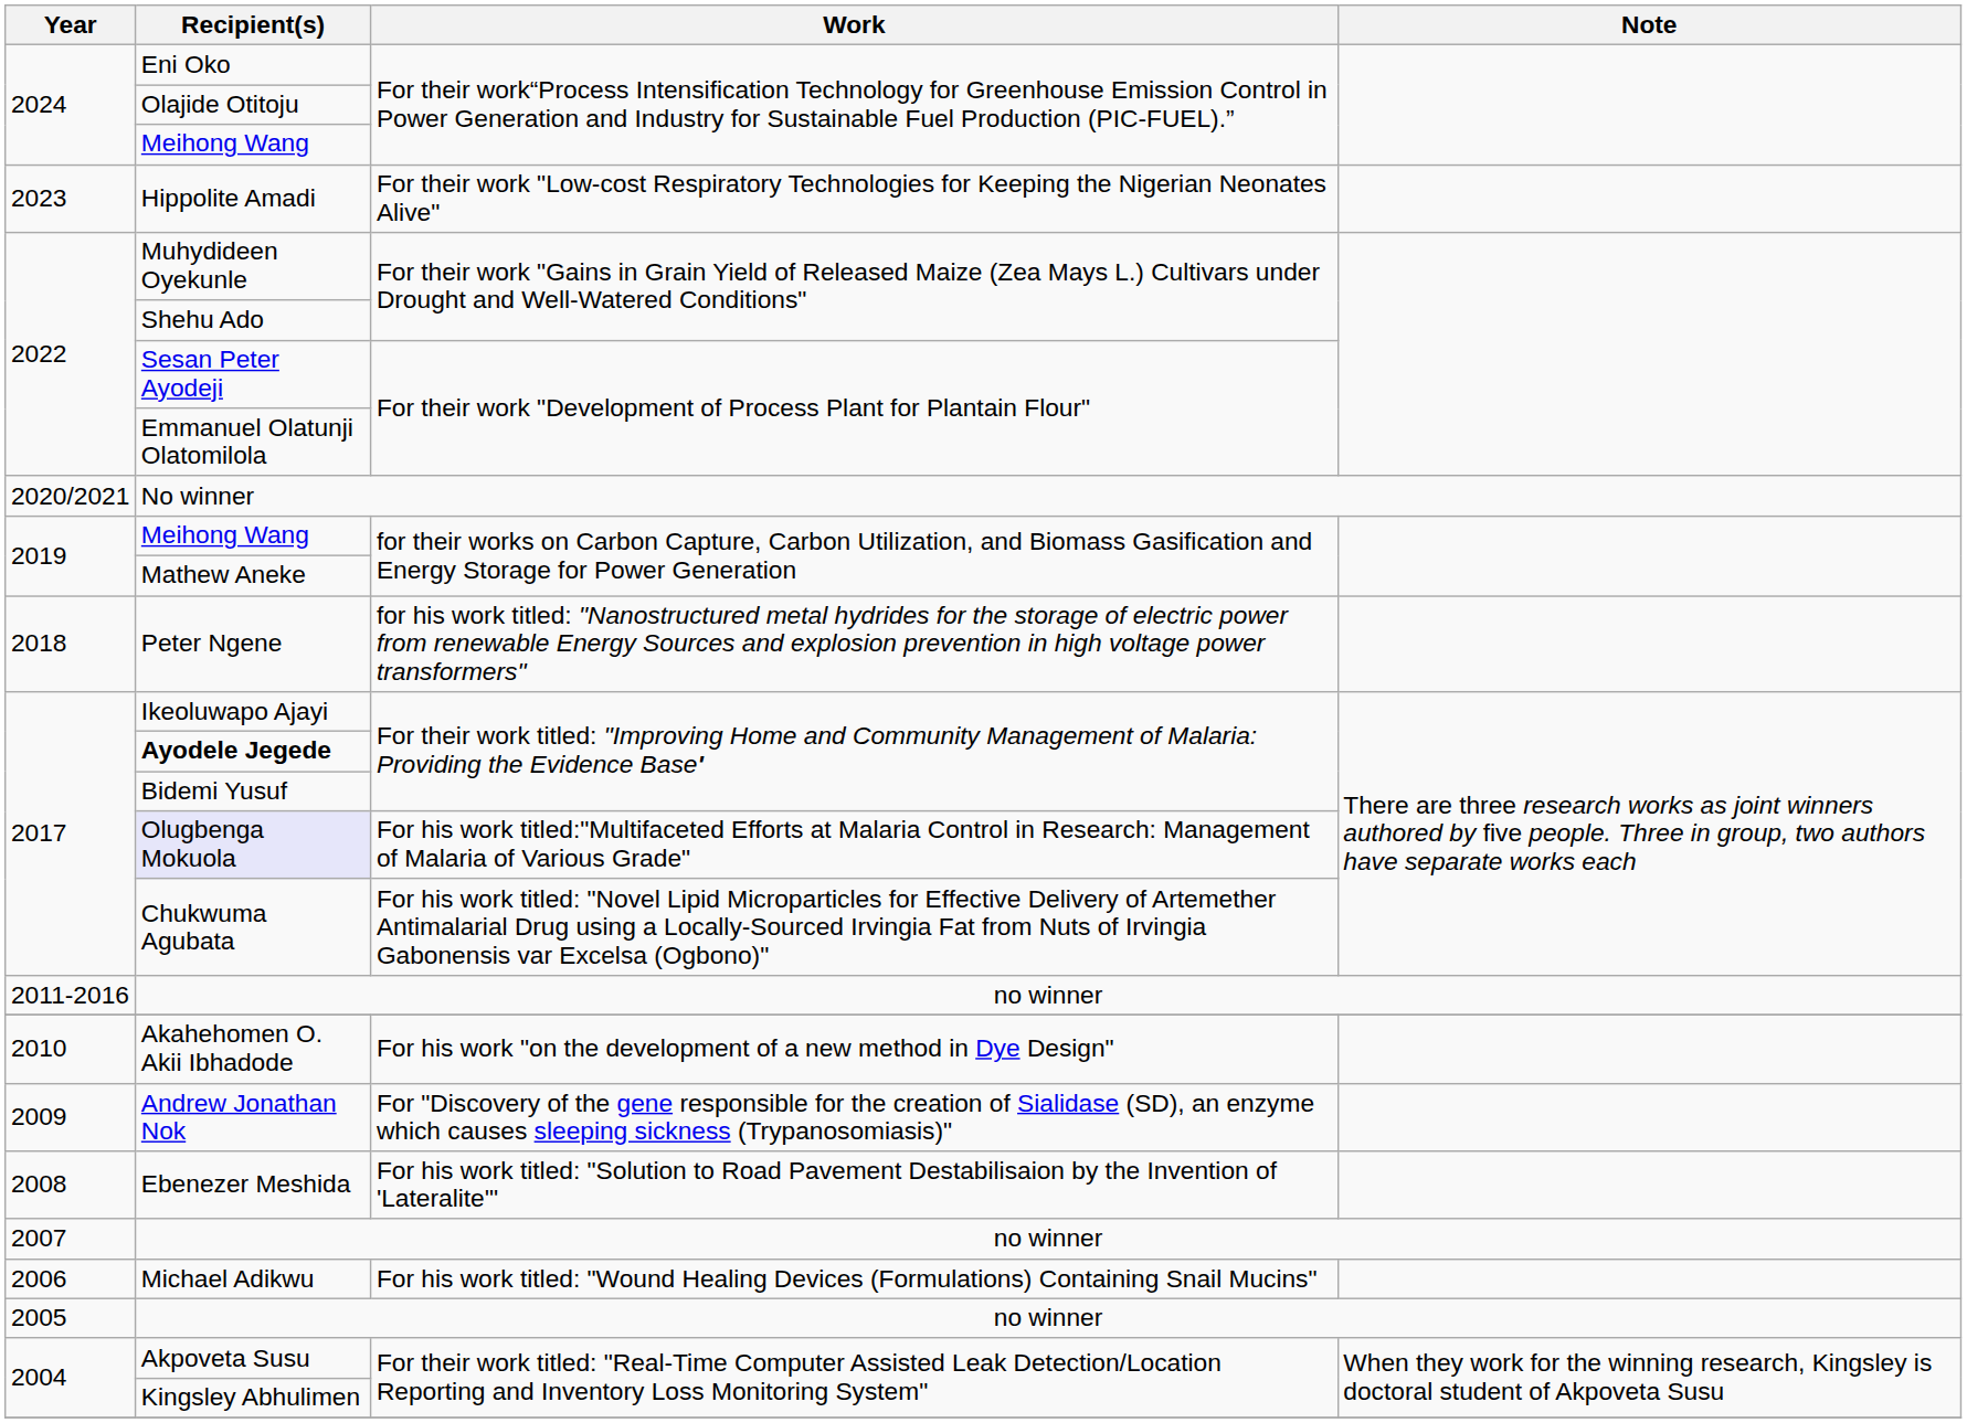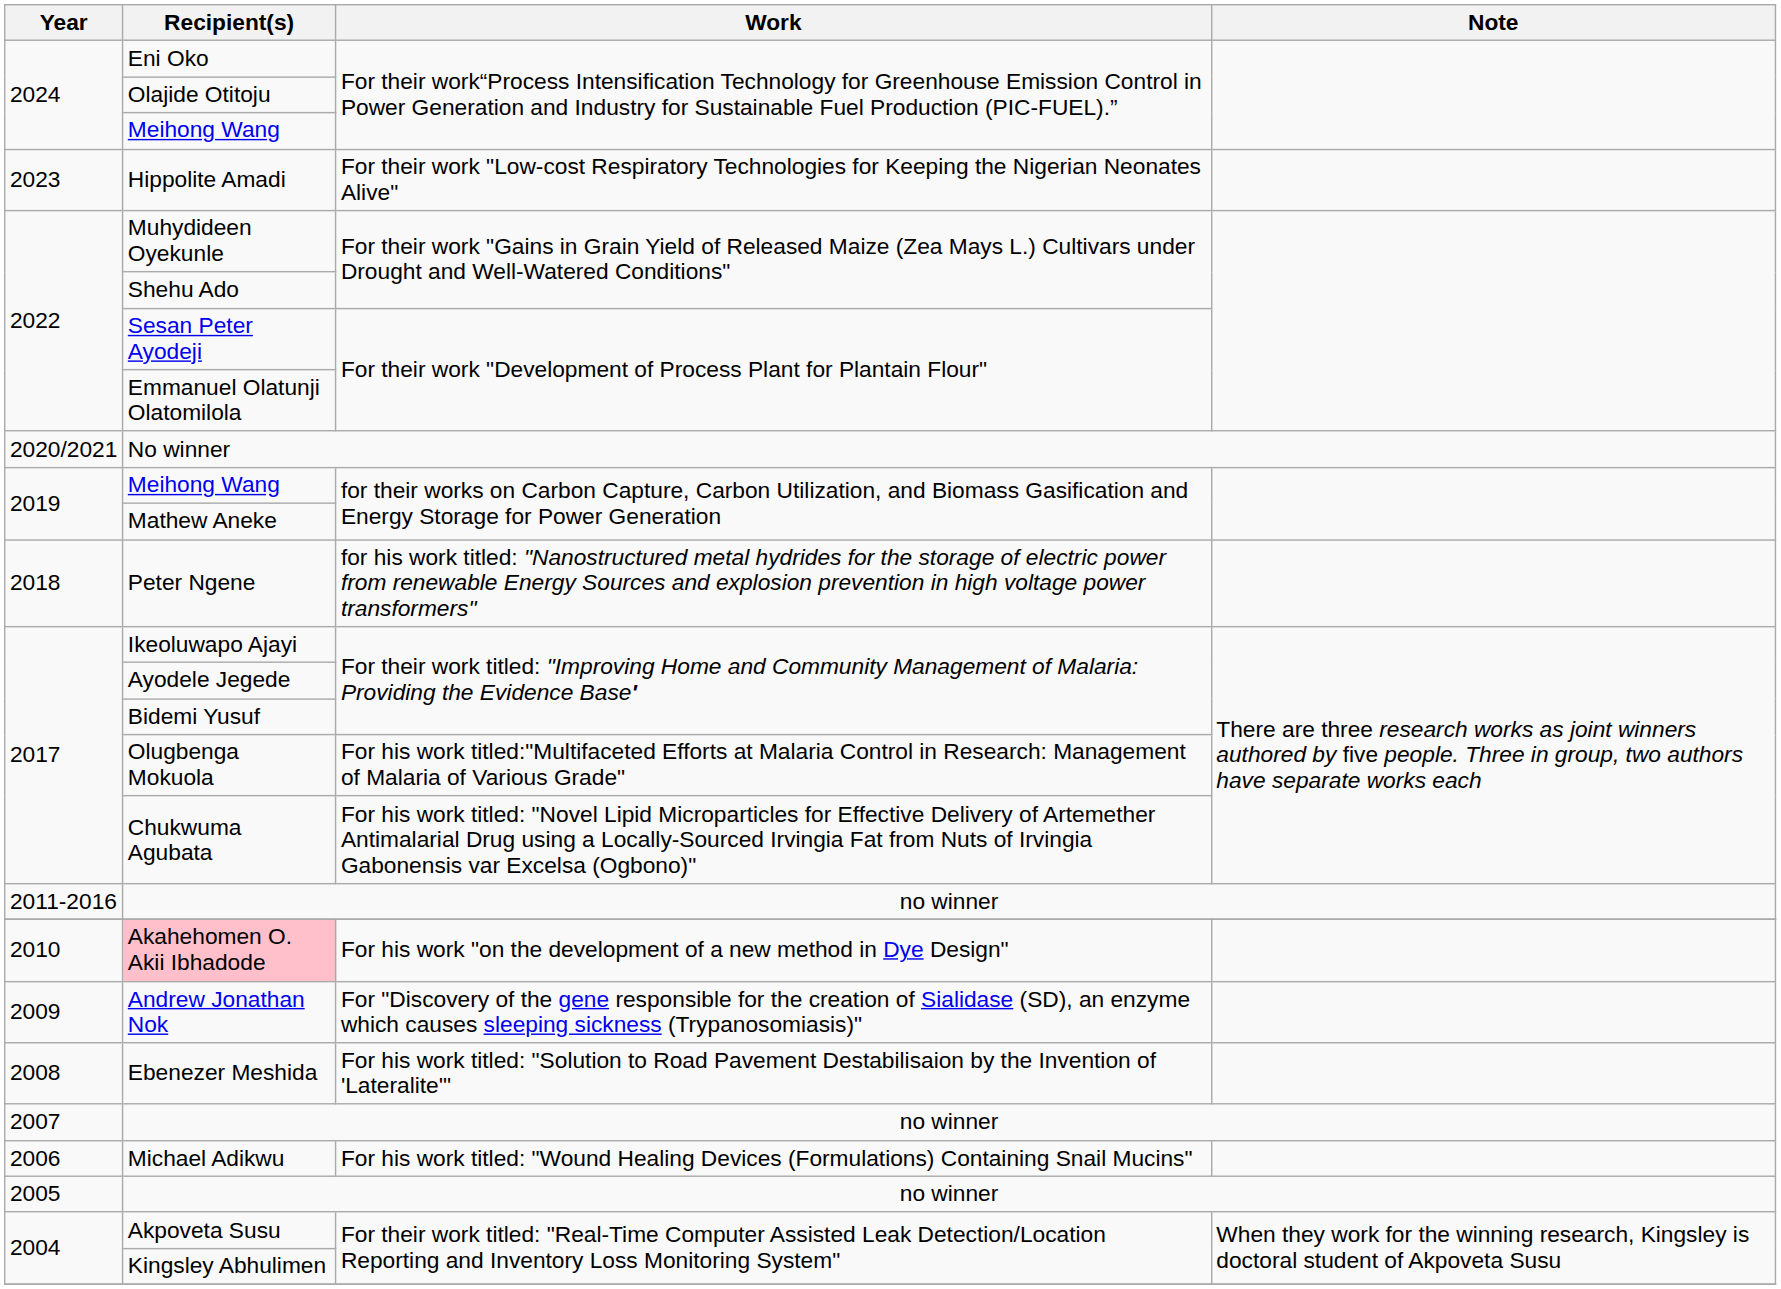 <table class="wikitable">
 <tr>
 <th>Year</th>
 <th>Recipient(s)</th>
 <th>Work</th>
 <th>Note</th>
 </tr>
 <tr>
 <td rowspan="3">2024</td>
 <td>Eni Oko</td>
 <td rowspan="3">For their work“Process Intensification Technology for Greenhouse Emission Control in Power Generation and Industry for Sustainable Fuel Production (PIC-FUEL).”</td>
 <td rowspan="3"></td>
 </tr>
 <tr>
 <td>Olajide Otitoju</td>
 </tr>
 <tr>
 <td><a href='#'>Meihong Wang</a></td>
 </tr>
 <tr>
 <td>2023</td>
 <td>Hippolite Amadi</td>
 <td>For their work "Low-cost Respiratory Technologies for Keeping the Nigerian Neonates Alive"</td>
 <td></td>
 </tr>
 <tr>
 <td rowspan="4">2022 </td>
 <td>Muhydideen Oyekunle</td>
 <td rowspan="2">For their work "Gains in Grain Yield of Released Maize (Zea Mays L.) Cultivars under Drought and Well-Watered Conditions"</td>
 <td rowspan="4"></td>
 </tr>
 <tr>
 <td>Shehu Ado</td>
 </tr>
 <tr>
 <td><a href='#'>Sesan Peter Ayodeji</a></td>
 <td rowspan="2">For their work "Development of Process Plant for Plantain Flour"</td>
 </tr>
 <tr>
 <td>Emmanuel Olatunji Olatomilola</td>
 </tr>
 <tr>
 <td>2020/2021</td>
 <td colspan="3">No winner</td>
 </tr>
 <tr>
 <td rowspan ="2">2019</td>
 <td><a href='#'>Meihong Wang</a></td>
 <td rowspan ="2">for their works on Carbon Capture, Carbon Utilization, and Biomass Gasification and Energy Storage for Power Generation</td>
 <td rowspan="2"></td>
 </tr>
 <tr>
 <td>Mathew Aneke</td>
 </tr>
 <tr>
 <td>2018</td>
 <td>Peter Ngene</td>
 <td>for his work titled: <em>"Nanostructured metal hydrides for the storage of electric power from renewable Energy Sources and  explosion prevention in high voltage power transformers"</em></td>
 <td></td>
 </tr>
 <tr>
 <td rowspan=5>2017<br> </td>
 <td>Ikeoluwapo Ajayi</td>
 <td rowspan=3>For their work titled: <em>"Improving Home and Community Management of Malaria: Providing the Evidence Base<strong>'</td>
 <td rowspan=5>There are </em>three<em> research works as joint winners authored by </em>five<em> people. Three in group, two authors have separate works each</td>
 </tr>
 <tr>
-<td><strong>Ayodele Jegede</strong></td>
+<td>Ayodele Jegede</td>
 </tr>
 <tr>
 <td>Bidemi Yusuf</td>
 </tr>
 <tr>
-<td style="background: lavender;">Olugbenga Mokuola</td>
+<td>Olugbenga Mokuola</td>
 <td>For his work titled:</em>"Multifaceted Efforts at Malaria Control in Research: Management of Malaria of Various Grade"<em></td>
 </tr>
 <tr>
 <td>Chukwuma Agubata</td>
 <td>For his work titled: </em>"Novel Lipid Microparticles for Effective Delivery of Artemether Antimalarial Drug using a Locally-Sourced Irvingia Fat from Nuts of Irvingia Gabonensis var Excelsa (Ogbono)"<em></td>
 </tr>
 <tr>
 <td>2011-2016</td>
 <td colspan="3" style="text-align: center;">no winner </td>
 </tr>
 <tr>
 </tr>
 <tr>
 </tr>
 <tr>
 </tr>
 <tr>
 </tr>
 <tr>
 </tr>
 <tr>
 <td>2010</td>
-<td>Akahehomen O. Akii Ibhadode</td>
+<td style="background: pink;">Akahehomen O. Akii Ibhadode</td>
 <td>For his work "on the development of a new method in <a href='#'>Dye</a> Design"</td>
 <td></td>
 </tr>
 <tr>
 <td>2009</td>
 <td><a href='#'>Andrew Jonathan Nok</a></td>
 <td>For "Discovery of the <a href='#'>gene</a> responsible for the creation of <a href='#'>Sialidase</a> (SD), an enzyme which causes <a href='#'>sleeping sickness</a> (Trypanosomiasis)"</td>
 <td></td>
 </tr>
 <tr>
 <td>2008</td>
 <td>Ebenezer Meshida</td>
 <td>For his work titled: </em>"Solution to Road Pavement Destabilisaion by the Invention of 'Lateralite'"<em></td>
 <td></td>
 </tr>
 <tr>
 <td>2007</td>
 <td colspan="3" style="text-align: center;">no winner </td>
 </tr>
 <tr>
 <td>2006</td>
 <td>Michael Adikwu</td>
 <td>For his work titled: </em>"Wound Healing Devices (Formulations) Containing Snail Mucins"<em></td>
 <td></td>
 </tr>
 <tr>
 <td>2005</td>
 <td colspan="3" style="text-align: center;">no winner</td>
 </tr>
 <tr>
 <td rowspan=2>2004 </td>
 <td>Akpoveta Susu</td>
 <td rowspan=2>For their work titled: </em>"Real-Time Computer Assisted Leak Detection/Location Reporting and Inventory Loss Monitoring System"<em></td>
 <td rowspan=2>When they work for the winning research, Kingsley is doctoral student of Akpoveta Susu</td>
 </tr>
 <tr>
 <td>Kingsley Abhulimen</td>
 </tr>
 <tr>
 </tr>
 </table>
